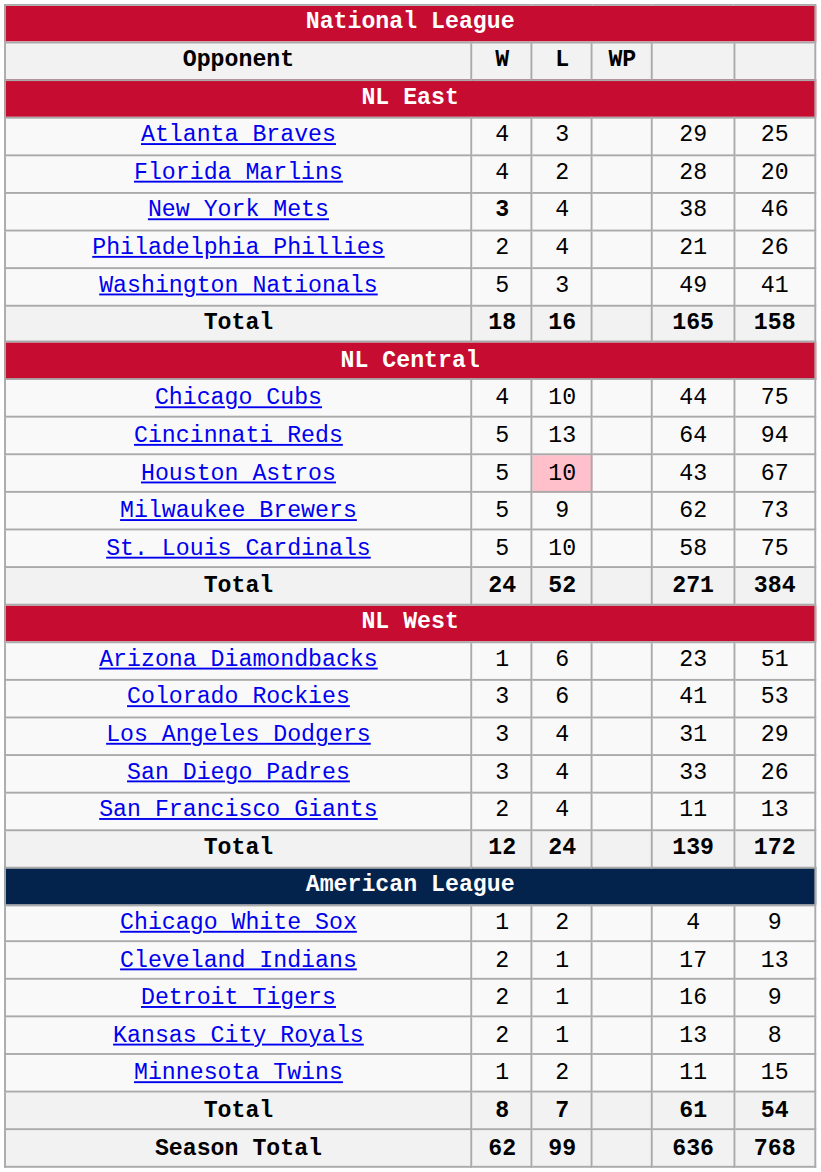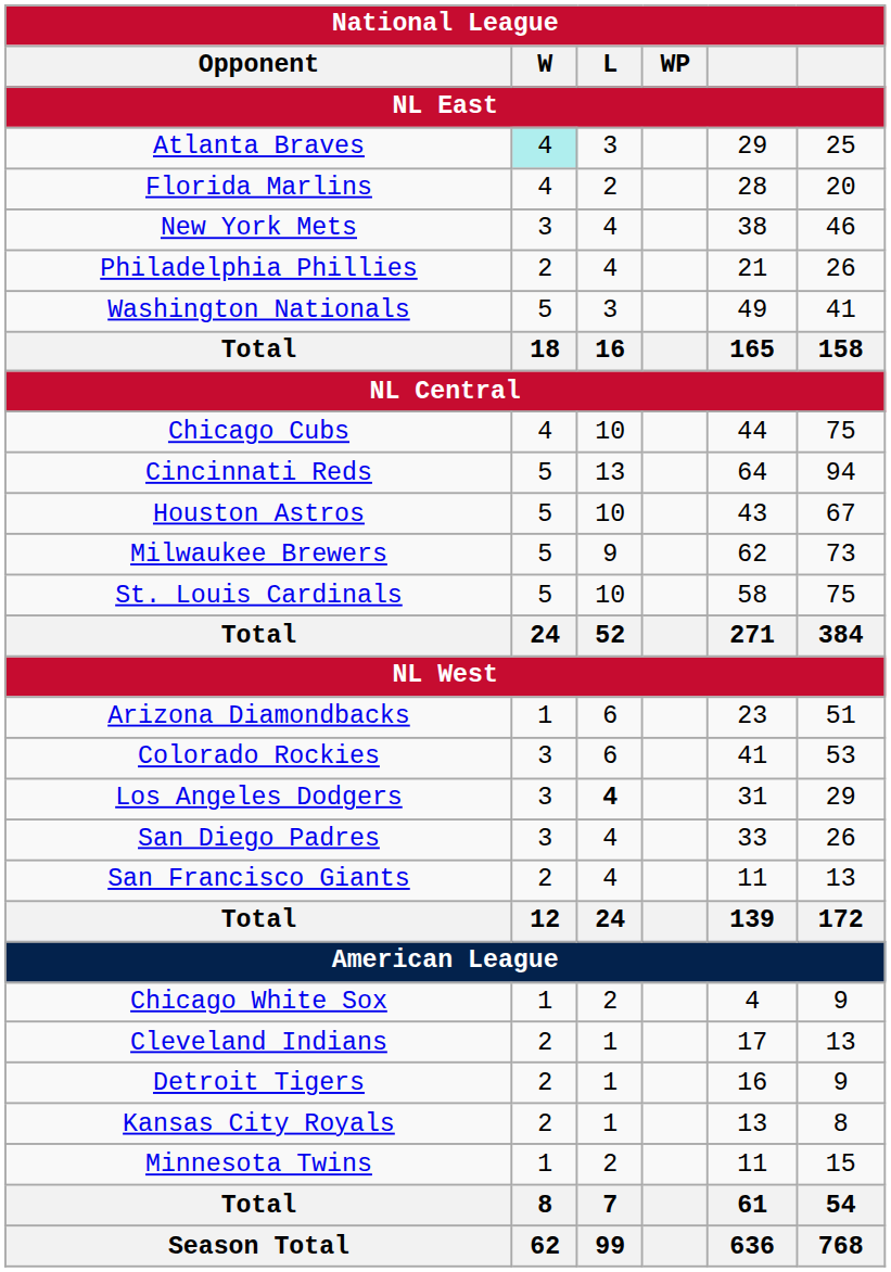 <table class="wikitable" style="font-size:95%; text-align:center; width:35em;margin:0.5em auto;">
 <tr>
 <td colspan="7" style="background:#c60c30;color:#fff"><strong>National League</strong></td>
 </tr>
 <tr>
 <th>Opponent</th>
 <th>W</th>
 <th>L</th>
 <th>WP</th>
 <th></th>
 <th></th>
 </tr>
 <tr>
 <td colspan="7" style="background:#c60c30;color:#fff"><strong>NL East</strong></td>
 </tr>
 <tr>
 <td><a href='#'>Atlanta Braves</a></td>
-<td>4</td>
+<td style="background: paleturquoise;">4</td>
 <td>3</td>
 <td></td>
 <td>29</td>
 <td>25</td>
 </tr>
 <tr>
 <td><a href='#'>Florida Marlins</a></td>
 <td>4</td>
 <td>2</td>
 <td></td>
 <td>28</td>
 <td>20</td>
 </tr>
 <tr>
 <td><a href='#'>New York Mets</a></td>
-<td><strong>3</strong></td>
+<td>3</td>
 <td>4</td>
 <td></td>
 <td>38</td>
 <td>46</td>
 </tr>
 <tr>
 <td><a href='#'>Philadelphia Phillies</a></td>
 <td>2</td>
 <td>4</td>
 <td></td>
 <td>21</td>
 <td>26</td>
 </tr>
 <tr>
 <td><a href='#'>Washington Nationals</a></td>
 <td>5</td>
 <td>3</td>
 <td></td>
 <td>49</td>
 <td>41</td>
 </tr>
 <tr>
 <th>Total</th>
 <th>18</th>
 <th>16</th>
 <th></th>
 <th>165</th>
 <th>158</th>
 </tr>
 <tr>
 <td colspan="7" style="background:#c60c30;color:#fff"><strong>NL Central</strong></td>
 </tr>
 <tr>
 <td><a href='#'>Chicago Cubs</a></td>
 <td>4</td>
 <td>10</td>
 <td></td>
 <td>44</td>
 <td>75</td>
 </tr>
 <tr>
 <td><a href='#'>Cincinnati Reds</a></td>
 <td>5</td>
 <td>13</td>
 <td></td>
 <td>64</td>
 <td>94</td>
 </tr>
 <tr>
 <td><a href='#'>Houston Astros</a></td>
 <td>5</td>
-<td style="background: pink;">10</td>
+<td>10</td>
 <td></td>
 <td>43</td>
 <td>67</td>
 </tr>
 <tr>
 <td><a href='#'>Milwaukee Brewers</a></td>
 <td>5</td>
 <td>9</td>
 <td></td>
 <td>62</td>
 <td>73</td>
 </tr>
 <tr>
 <td><a href='#'>St. Louis Cardinals</a></td>
 <td>5</td>
 <td>10</td>
 <td></td>
 <td>58</td>
 <td>75</td>
 </tr>
 <tr>
 <th>Total</th>
 <th>24</th>
 <th>52</th>
 <th></th>
 <th>271</th>
 <th>384</th>
 </tr>
 <tr>
 <td colspan="7" style="background:#c60c30;color:#fff"><strong>NL West</strong></td>
 </tr>
 <tr>
 <td><a href='#'>Arizona Diamondbacks</a></td>
 <td>1</td>
 <td>6</td>
 <td></td>
 <td>23</td>
 <td>51</td>
 </tr>
 <tr>
 <td><a href='#'>Colorado Rockies</a></td>
 <td>3</td>
 <td>6</td>
 <td></td>
 <td>41</td>
 <td>53</td>
 </tr>
 <tr>
 <td><a href='#'>Los Angeles Dodgers</a></td>
 <td>3</td>
-<td>4</td>
+<td><strong>4</strong></td>
 <td></td>
 <td>31</td>
 <td>29</td>
 </tr>
 <tr>
 <td><a href='#'>San Diego Padres</a></td>
 <td>3</td>
 <td>4</td>
 <td></td>
 <td>33</td>
 <td>26</td>
 </tr>
 <tr>
 <td><a href='#'>San Francisco Giants</a></td>
 <td>2</td>
 <td>4</td>
 <td></td>
 <td>11</td>
 <td>13</td>
 </tr>
 <tr>
 <th>Total</th>
 <th>12</th>
 <th>24</th>
 <th></th>
 <th>139</th>
 <th>172</th>
 </tr>
 <tr>
 <td colspan="7" style="background:#03224c;color:#fff"><strong>American League</strong></td>
 </tr>
 <tr>
 <td><a href='#'>Chicago White Sox</a></td>
 <td>1</td>
 <td>2</td>
 <td></td>
 <td>4</td>
 <td>9</td>
 </tr>
 <tr>
 <td><a href='#'>Cleveland Indians</a></td>
 <td>2</td>
 <td>1</td>
 <td></td>
 <td>17</td>
 <td>13</td>
 </tr>
 <tr>
 <td><a href='#'>Detroit Tigers</a></td>
 <td>2</td>
 <td>1</td>
 <td></td>
 <td>16</td>
 <td>9</td>
 </tr>
 <tr>
 <td><a href='#'>Kansas City Royals</a></td>
 <td>2</td>
 <td>1</td>
 <td></td>
 <td>13</td>
 <td>8</td>
 </tr>
 <tr>
 <td><a href='#'>Minnesota Twins</a></td>
 <td>1</td>
 <td>2</td>
 <td></td>
 <td>11</td>
 <td>15</td>
 </tr>
 <tr>
 <th>Total</th>
 <th>8</th>
 <th>7</th>
 <th></th>
 <th>61</th>
 <th>54</th>
 </tr>
 <tr>
 <th>Season Total</th>
 <th>62</th>
 <th>99</th>
 <th></th>
 <th>636</th>
 <th>768</th>
 </tr>
 </table>
